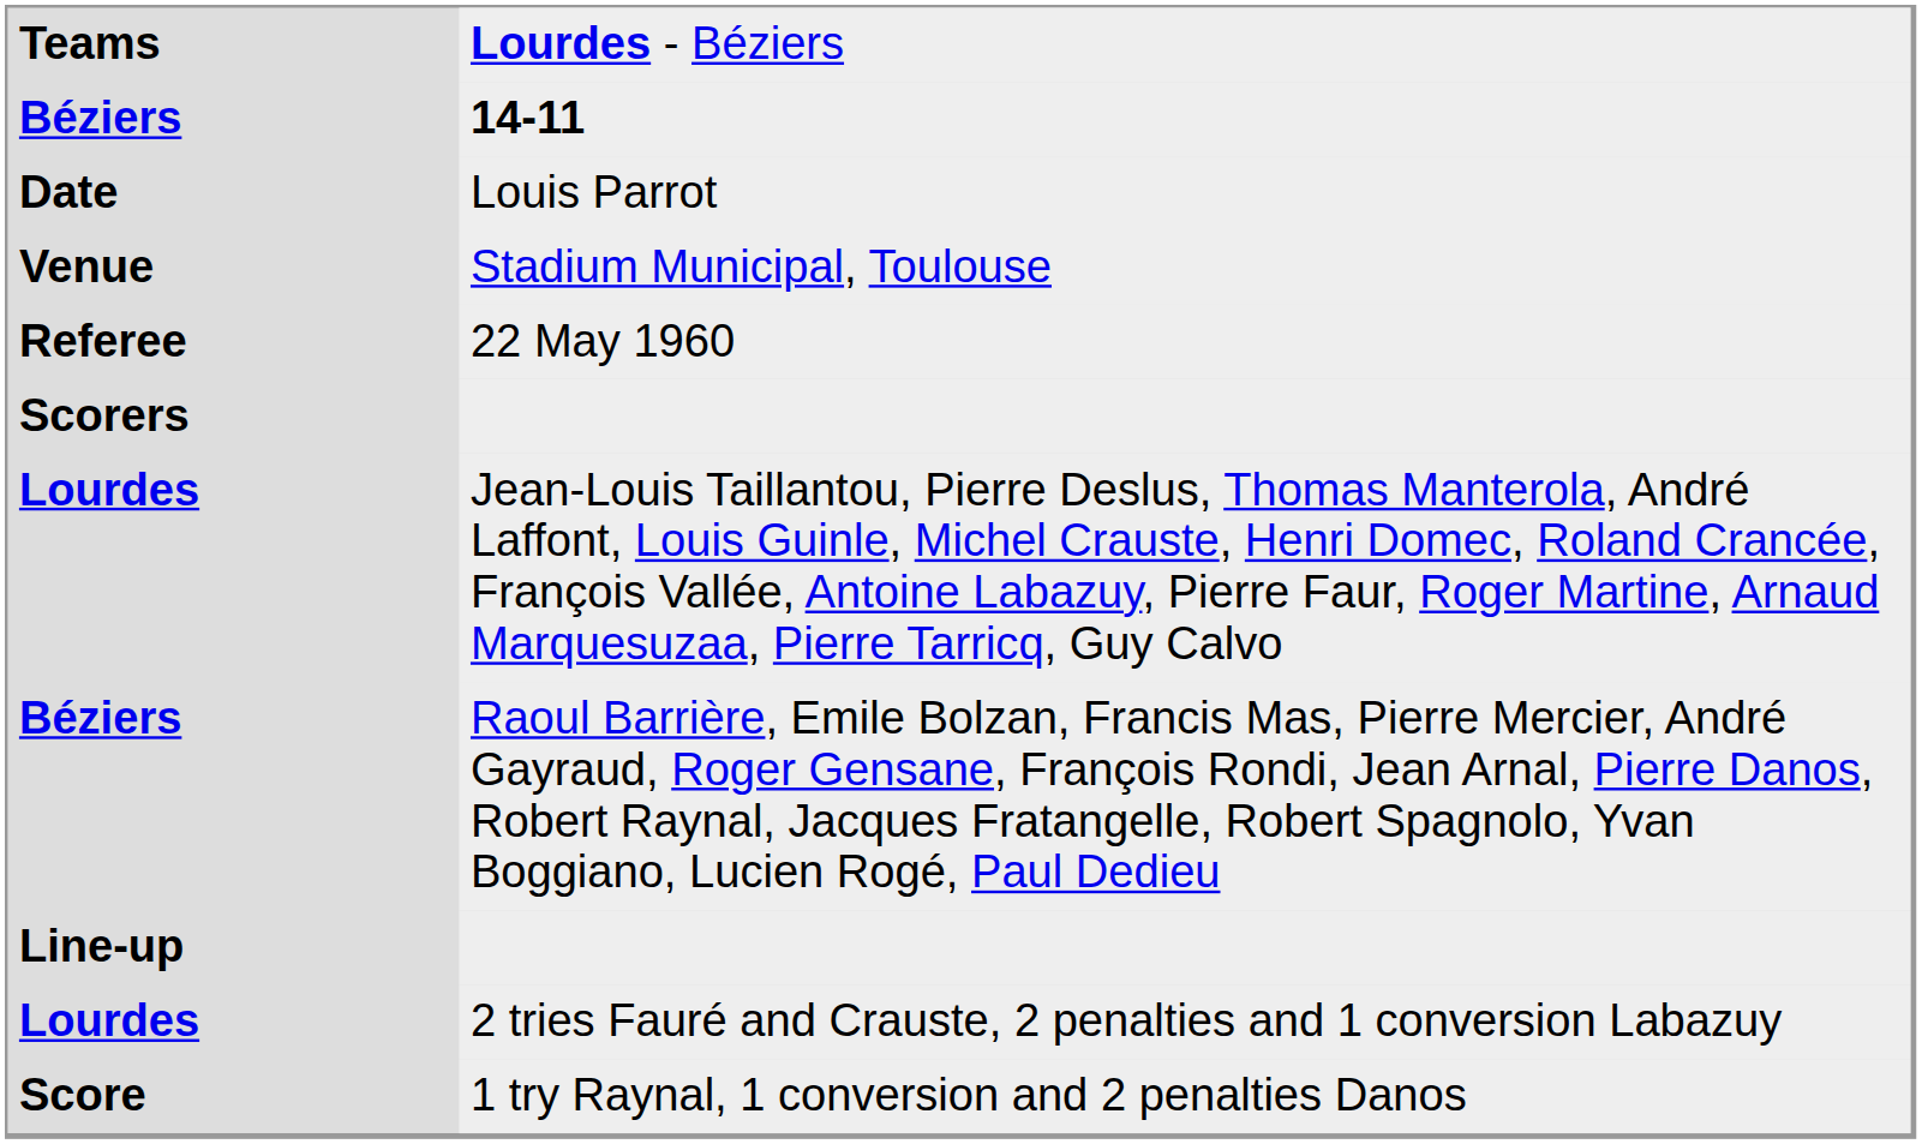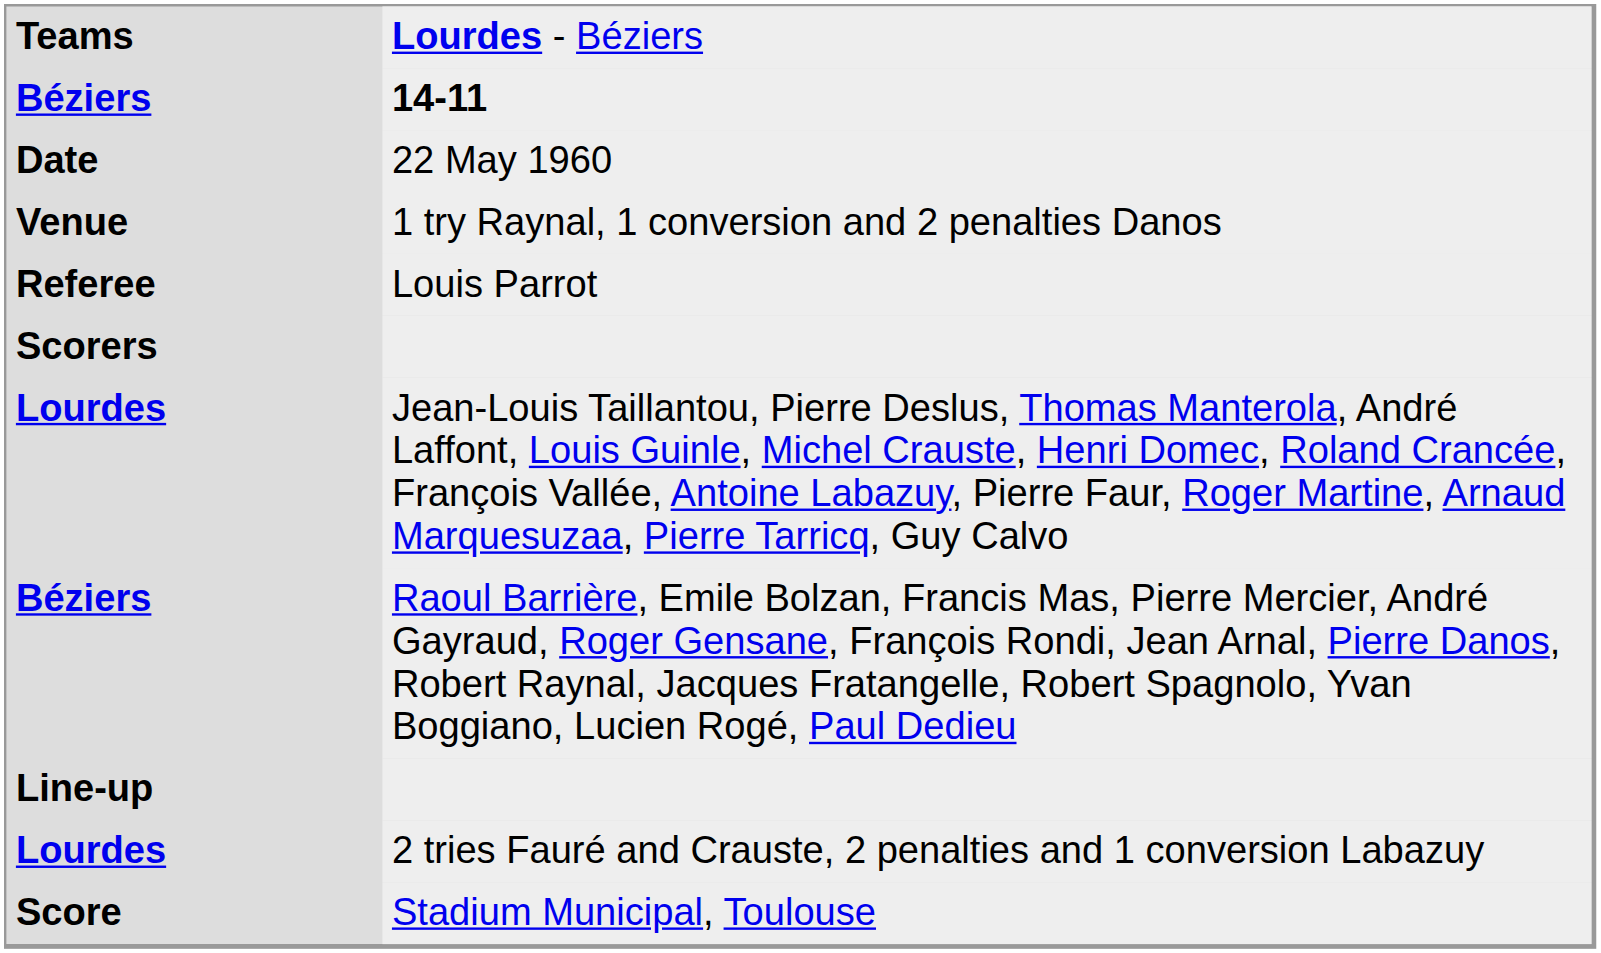 <table align="left" cellpadding="4" cellspacing="0"  style="margin: 0 0 0 0; border: 1px solid #999; border-right-width: 2px; border-bottom-width: 2px; background-color: #DDDDDD">
 <tr>
 <td width="150" valign="top"><strong>Teams</strong></td>
 <td width="500" bgcolor=#EEEEEE><strong><a href='#'>Lourdes</a> </strong> - <a href='#'>Béziers</a></td>
 </tr>
 <tr>
 <td valign="top"><strong><a href='#'>Béziers</a></strong></td>
 <td bgcolor=#EEEEEE><strong>14-11</strong></td>
 </tr>
 <tr>
 <td valign="top"><strong>Date</strong></td>
-<td bgcolor=#EEEEEE>Louis Parrot</td>
+<td bgcolor=#EEEEEE>22 May 1960</td>
 </tr>
 <tr>
 <td valign="top"><strong>Venue</strong></td>
-<td bgcolor=#EEEEEE><a href='#'>Stadium Municipal</a>, <a href='#'>Toulouse</a></td>
+<td bgcolor=#EEEEEE>1 try Raynal,  1 conversion and 2 penalties  Danos</td>
 </tr>
 <tr>
 <td valign="top"><strong>Referee</strong></td>
-<td bgcolor=#EEEEEE>22 May 1960</td>
+<td bgcolor=#EEEEEE>Louis Parrot</td>
 </tr>
 <tr>
 <td valign="top"><strong>Scorers</strong></td>
 <td bgcolor=#EEEEEE></td>
 </tr>
 <tr>
 <td valign="top"><strong> <a href='#'>Lourdes</a> </strong></td>
 <td bgcolor=#EEEEEE>Jean-Louis Taillantou, Pierre Deslus, <a href='#'>Thomas Manterola</a>, André Laffont, <a href='#'>Louis Guinle</a>, <a href='#'>Michel Crauste</a>, <a href='#'>Henri Domec</a>, <a href='#'>Roland Crancée</a>, François Vallée, <a href='#'>Antoine Labazuy</a>, Pierre Faur, <a href='#'>Roger Martine</a>, <a href='#'>Arnaud Marquesuzaa</a>, <a href='#'>Pierre Tarricq</a>, Guy Calvo</td>
 </tr>
 <tr>
 <td valign="top"><strong><a href='#'>Béziers</a></strong></td>
 <td bgcolor=#EEEEEE><a href='#'>Raoul Barrière</a>, Emile Bolzan, Francis Mas, Pierre Mercier, André Gayraud, <a href='#'>Roger Gensane</a>, François Rondi, Jean Arnal, <a href='#'>Pierre Danos</a>, Robert Raynal, Jacques Fratangelle, Robert Spagnolo, Yvan Boggiano, Lucien Rogé, <a href='#'>Paul Dedieu</a></td>
 </tr>
 <tr>
 <td valign="top"><strong>Line-up</strong></td>
 <td bgcolor=#EEEEEE></td>
 </tr>
 <tr>
 <td valign="top"><strong><a href='#'>Lourdes</a>  </strong></td>
 <td bgcolor=#EEEEEE>2 tries Fauré and Crauste, 2 penalties and 1 conversion Labazuy</td>
 </tr>
 <tr>
 <td valign="top"><strong>Score</strong></td>
-<td bgcolor=#EEEEEE>1 try Raynal,  1 conversion and 2 penalties  Danos</td>
+<td bgcolor=#EEEEEE><a href='#'>Stadium Municipal</a>, <a href='#'>Toulouse</a></td>
 </tr>
 </table>
